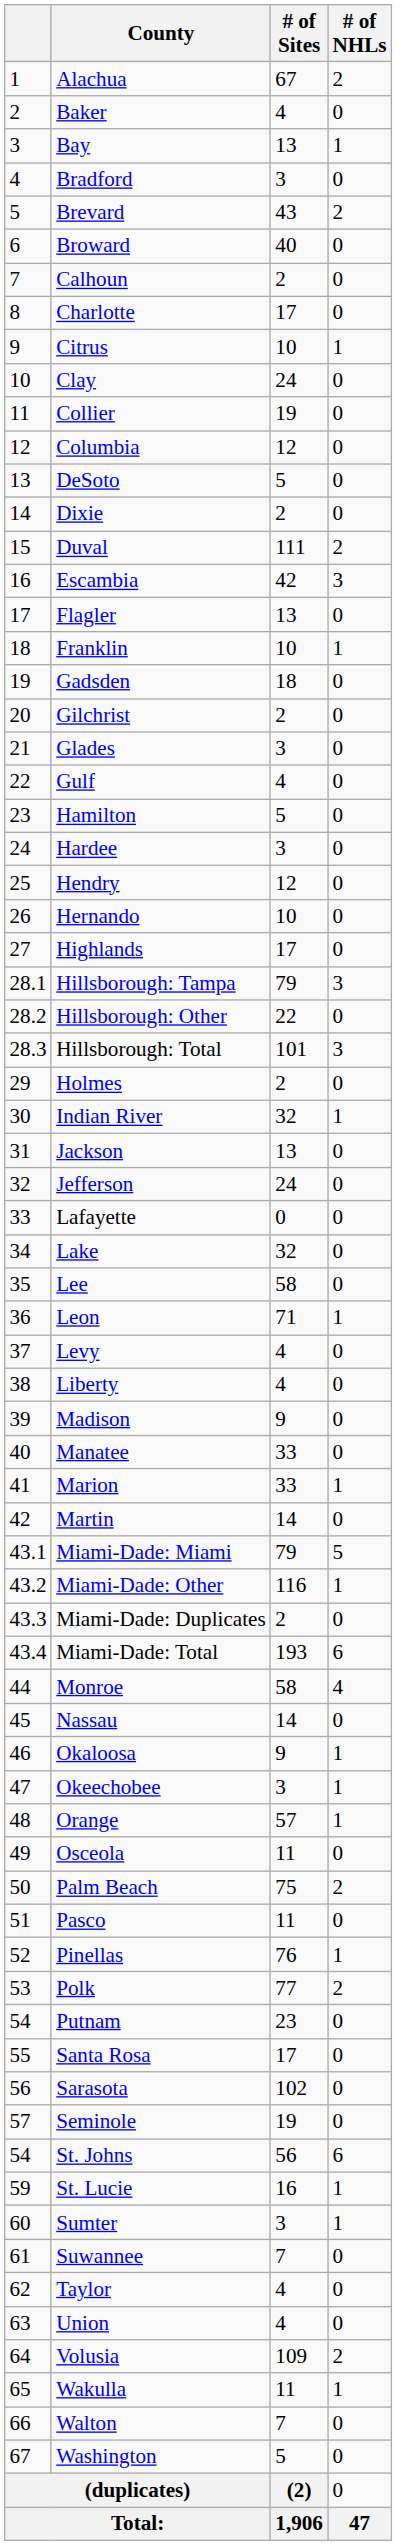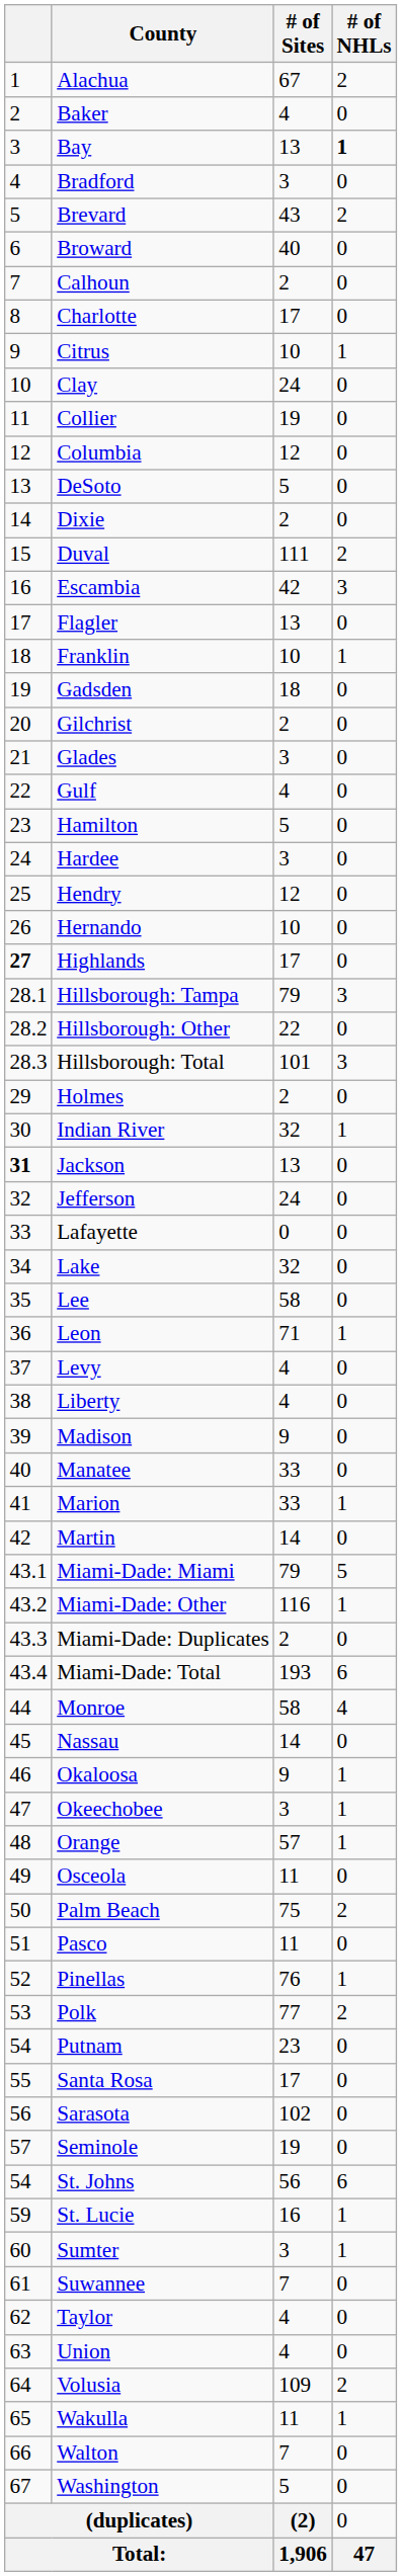 <table class="wikitable sortable">
 <tr>
 <th></th>
 <th><strong>County</strong></th>
 <th><strong># of<br>Sites</strong></th>
 <th><strong># of<br>NHLs</strong></th>
 </tr>
 <tr ->
 <td>1</td>
 <td><a href='#'>Alachua</a></td>
 <td>67</td>
 <td>2</td>
 </tr>
 <tr ->
 <td>2</td>
 <td><a href='#'>Baker</a></td>
 <td>4</td>
 <td>0</td>
 </tr>
 <tr ->
 <td>3</td>
 <td><a href='#'>Bay</a></td>
 <td>13</td>
-<td>1</td>
+<td><strong>1</strong></td>
 </tr>
 <tr ->
 <td>4</td>
 <td><a href='#'>Bradford</a></td>
 <td>3</td>
 <td>0</td>
 </tr>
 <tr ->
 <td>5</td>
 <td><a href='#'>Brevard</a></td>
 <td>43</td>
 <td>2</td>
 </tr>
 <tr ->
 <td>6</td>
 <td><a href='#'>Broward</a></td>
 <td>40</td>
 <td>0</td>
 </tr>
 <tr ->
 <td>7</td>
 <td><a href='#'>Calhoun</a></td>
 <td>2</td>
 <td>0</td>
 </tr>
 <tr ->
 <td>8</td>
 <td><a href='#'>Charlotte</a></td>
 <td>17</td>
 <td>0</td>
 </tr>
 <tr ->
 <td>9</td>
 <td><a href='#'>Citrus</a></td>
 <td>10</td>
 <td>1</td>
 </tr>
 <tr ->
 <td>10</td>
 <td><a href='#'>Clay</a></td>
 <td>24</td>
 <td>0</td>
 </tr>
 <tr ->
 <td>11</td>
 <td><a href='#'>Collier</a></td>
 <td>19</td>
 <td>0</td>
 </tr>
 <tr ->
 <td>12</td>
 <td><a href='#'>Columbia</a></td>
 <td>12</td>
 <td>0</td>
 </tr>
 <tr ->
 <td>13</td>
 <td><a href='#'>DeSoto</a></td>
 <td>5</td>
 <td>0</td>
 </tr>
 <tr ->
 <td>14</td>
 <td><a href='#'>Dixie</a></td>
 <td>2</td>
 <td>0</td>
 </tr>
 <tr ->
 <td>15</td>
 <td><a href='#'>Duval</a></td>
 <td>111</td>
 <td>2</td>
 </tr>
 <tr ->
 <td>16</td>
 <td><a href='#'>Escambia</a></td>
 <td>42</td>
 <td>3</td>
 </tr>
 <tr ->
 <td>17</td>
 <td><a href='#'>Flagler</a></td>
 <td>13</td>
 <td>0</td>
 </tr>
 <tr ->
 <td>18</td>
 <td><a href='#'>Franklin</a></td>
 <td>10</td>
 <td>1</td>
 </tr>
 <tr ->
 <td>19</td>
 <td><a href='#'>Gadsden</a></td>
 <td>18</td>
 <td>0</td>
 </tr>
 <tr ->
 <td>20</td>
 <td><a href='#'>Gilchrist</a></td>
 <td>2</td>
 <td>0</td>
 </tr>
 <tr ->
 <td>21</td>
 <td><a href='#'>Glades</a></td>
 <td>3</td>
 <td>0</td>
 </tr>
 <tr ->
 <td>22</td>
 <td><a href='#'>Gulf</a></td>
 <td>4</td>
 <td>0</td>
 </tr>
 <tr ->
 <td>23</td>
 <td><a href='#'>Hamilton</a></td>
 <td>5</td>
 <td>0</td>
 </tr>
 <tr ->
 <td>24</td>
 <td><a href='#'>Hardee</a></td>
 <td>3</td>
 <td>0</td>
 </tr>
 <tr ->
 <td>25</td>
 <td><a href='#'>Hendry</a></td>
 <td>12</td>
 <td>0</td>
 </tr>
 <tr ->
 <td>26</td>
 <td><a href='#'>Hernando</a></td>
 <td>10</td>
 <td>0</td>
 </tr>
 <tr ->
-<td>27</td>
+<td><strong>27</strong></td>
 <td><a href='#'>Highlands</a></td>
 <td>17</td>
 <td>0</td>
 </tr>
 <tr ->
 <td>28.1</td>
 <td><a href='#'>Hillsborough: Tampa</a></td>
 <td>79</td>
 <td>3</td>
 </tr>
 <tr ->
 <td>28.2</td>
 <td><a href='#'>Hillsborough: Other</a></td>
 <td>22</td>
 <td>0</td>
 </tr>
 <tr ->
 <td>28.3</td>
 <td>Hillsborough: Total</td>
 <td>101</td>
 <td>3</td>
 </tr>
 <tr ->
 <td>29</td>
 <td><a href='#'>Holmes</a></td>
 <td>2</td>
 <td>0</td>
 </tr>
 <tr ->
 <td>30</td>
 <td><a href='#'>Indian River</a></td>
 <td>32</td>
 <td>1</td>
 </tr>
 <tr ->
-<td>31</td>
+<td><strong>31</strong></td>
 <td><a href='#'>Jackson</a></td>
 <td>13</td>
 <td>0</td>
 </tr>
 <tr ->
 <td>32</td>
 <td><a href='#'>Jefferson</a></td>
 <td>24</td>
 <td>0</td>
 </tr>
 <tr ->
 <td>33</td>
 <td>Lafayette</td>
 <td>0</td>
 <td>0</td>
 </tr>
 <tr ->
 <td>34</td>
 <td><a href='#'>Lake</a></td>
 <td>32</td>
 <td>0</td>
 </tr>
 <tr ->
 <td>35</td>
 <td><a href='#'>Lee</a></td>
 <td>58</td>
 <td>0</td>
 </tr>
 <tr ->
 <td>36</td>
 <td><a href='#'>Leon</a></td>
 <td>71</td>
 <td>1</td>
 </tr>
 <tr ->
 <td>37</td>
 <td><a href='#'>Levy</a></td>
 <td>4</td>
 <td>0</td>
 </tr>
 <tr ->
 <td>38</td>
 <td><a href='#'>Liberty</a></td>
 <td>4</td>
 <td>0</td>
 </tr>
 <tr ->
 <td>39</td>
 <td><a href='#'>Madison</a></td>
 <td>9</td>
 <td>0</td>
 </tr>
 <tr ->
 <td>40</td>
 <td><a href='#'>Manatee</a></td>
 <td>33</td>
 <td>0</td>
 </tr>
 <tr ->
 <td>41</td>
 <td><a href='#'>Marion</a></td>
 <td>33</td>
 <td>1</td>
 </tr>
 <tr ->
 <td>42</td>
 <td><a href='#'>Martin</a></td>
 <td>14</td>
 <td>0</td>
 </tr>
 <tr ->
 <td>43.1</td>
 <td><a href='#'>Miami-Dade: Miami</a></td>
 <td>79</td>
 <td>5</td>
 </tr>
 <tr ->
 <td>43.2</td>
 <td><a href='#'>Miami-Dade: Other</a></td>
 <td>116</td>
 <td>1</td>
 </tr>
 <tr ->
 <td>43.3</td>
 <td>Miami-Dade: Duplicates</td>
 <td>2</td>
 <td>0</td>
 </tr>
 <tr ->
 <td>43.4</td>
 <td>Miami-Dade: Total</td>
 <td>193</td>
 <td>6</td>
 </tr>
 <tr ->
 <td>44</td>
 <td><a href='#'>Monroe</a></td>
 <td>58</td>
 <td>4</td>
 </tr>
 <tr ->
 <td>45</td>
 <td><a href='#'>Nassau</a></td>
 <td>14</td>
 <td>0</td>
 </tr>
 <tr ->
 <td>46</td>
 <td><a href='#'>Okaloosa</a></td>
 <td>9</td>
 <td>1</td>
 </tr>
 <tr ->
 <td>47</td>
 <td><a href='#'>Okeechobee</a></td>
 <td>3</td>
 <td>1</td>
 </tr>
 <tr ->
 <td>48</td>
 <td><a href='#'>Orange</a></td>
 <td>57</td>
 <td>1</td>
 </tr>
 <tr ->
 <td>49</td>
 <td><a href='#'>Osceola</a></td>
 <td>11</td>
 <td>0</td>
 </tr>
 <tr ->
 <td>50</td>
 <td><a href='#'>Palm Beach</a></td>
 <td>75</td>
 <td>2</td>
 </tr>
 <tr ->
 <td>51</td>
 <td><a href='#'>Pasco</a></td>
 <td>11</td>
 <td>0</td>
 </tr>
 <tr ->
 <td>52</td>
 <td><a href='#'>Pinellas</a></td>
 <td>76</td>
 <td>1</td>
 </tr>
 <tr ->
 <td>53</td>
 <td><a href='#'>Polk</a></td>
 <td>77</td>
 <td>2</td>
 </tr>
 <tr ->
 <td>54</td>
 <td><a href='#'>Putnam</a></td>
 <td>23</td>
 <td>0</td>
 </tr>
 <tr ->
 <td>55</td>
 <td><a href='#'>Santa Rosa</a></td>
 <td>17</td>
 <td>0</td>
 </tr>
 <tr ->
 <td>56</td>
 <td><a href='#'>Sarasota</a></td>
 <td>102</td>
 <td>0</td>
 </tr>
 <tr ->
 <td>57</td>
 <td><a href='#'>Seminole</a></td>
 <td>19</td>
 <td>0</td>
 </tr>
 <tr ->
 <td>54</td>
 <td><a href='#'>St. Johns</a></td>
 <td>56</td>
 <td>6</td>
 </tr>
 <tr ->
 <td>59</td>
 <td><a href='#'>St. Lucie</a></td>
 <td>16</td>
 <td>1</td>
 </tr>
 <tr ->
 <td>60</td>
 <td><a href='#'>Sumter</a></td>
 <td>3</td>
 <td>1</td>
 </tr>
 <tr ->
 <td>61</td>
 <td><a href='#'>Suwannee</a></td>
 <td>7</td>
 <td>0</td>
 </tr>
 <tr ->
 <td>62</td>
 <td><a href='#'>Taylor</a></td>
 <td>4</td>
 <td>0</td>
 </tr>
 <tr ->
 <td>63</td>
 <td><a href='#'>Union</a></td>
 <td>4</td>
 <td>0</td>
 </tr>
 <tr ->
 <td>64</td>
 <td><a href='#'>Volusia</a></td>
 <td>109</td>
 <td>2</td>
 </tr>
 <tr ->
 <td>65</td>
 <td><a href='#'>Wakulla</a></td>
 <td>11</td>
 <td>1</td>
 </tr>
 <tr ->
 <td>66</td>
 <td><a href='#'>Walton</a></td>
 <td>7</td>
 <td>0</td>
 </tr>
 <tr ->
 <td>67</td>
 <td><a href='#'>Washington</a></td>
 <td>5</td>
 <td>0</td>
 </tr>
 <tr class="sortbottom">
 <th colspan="2">(duplicates)</th>
 <th>(2)</th>
 <td>0</td>
 </tr>
 <tr class="sortbottom">
 <th colspan="2">Total:</th>
 <th>1,906</th>
 <th>47</th>
 </tr>
 </table>
